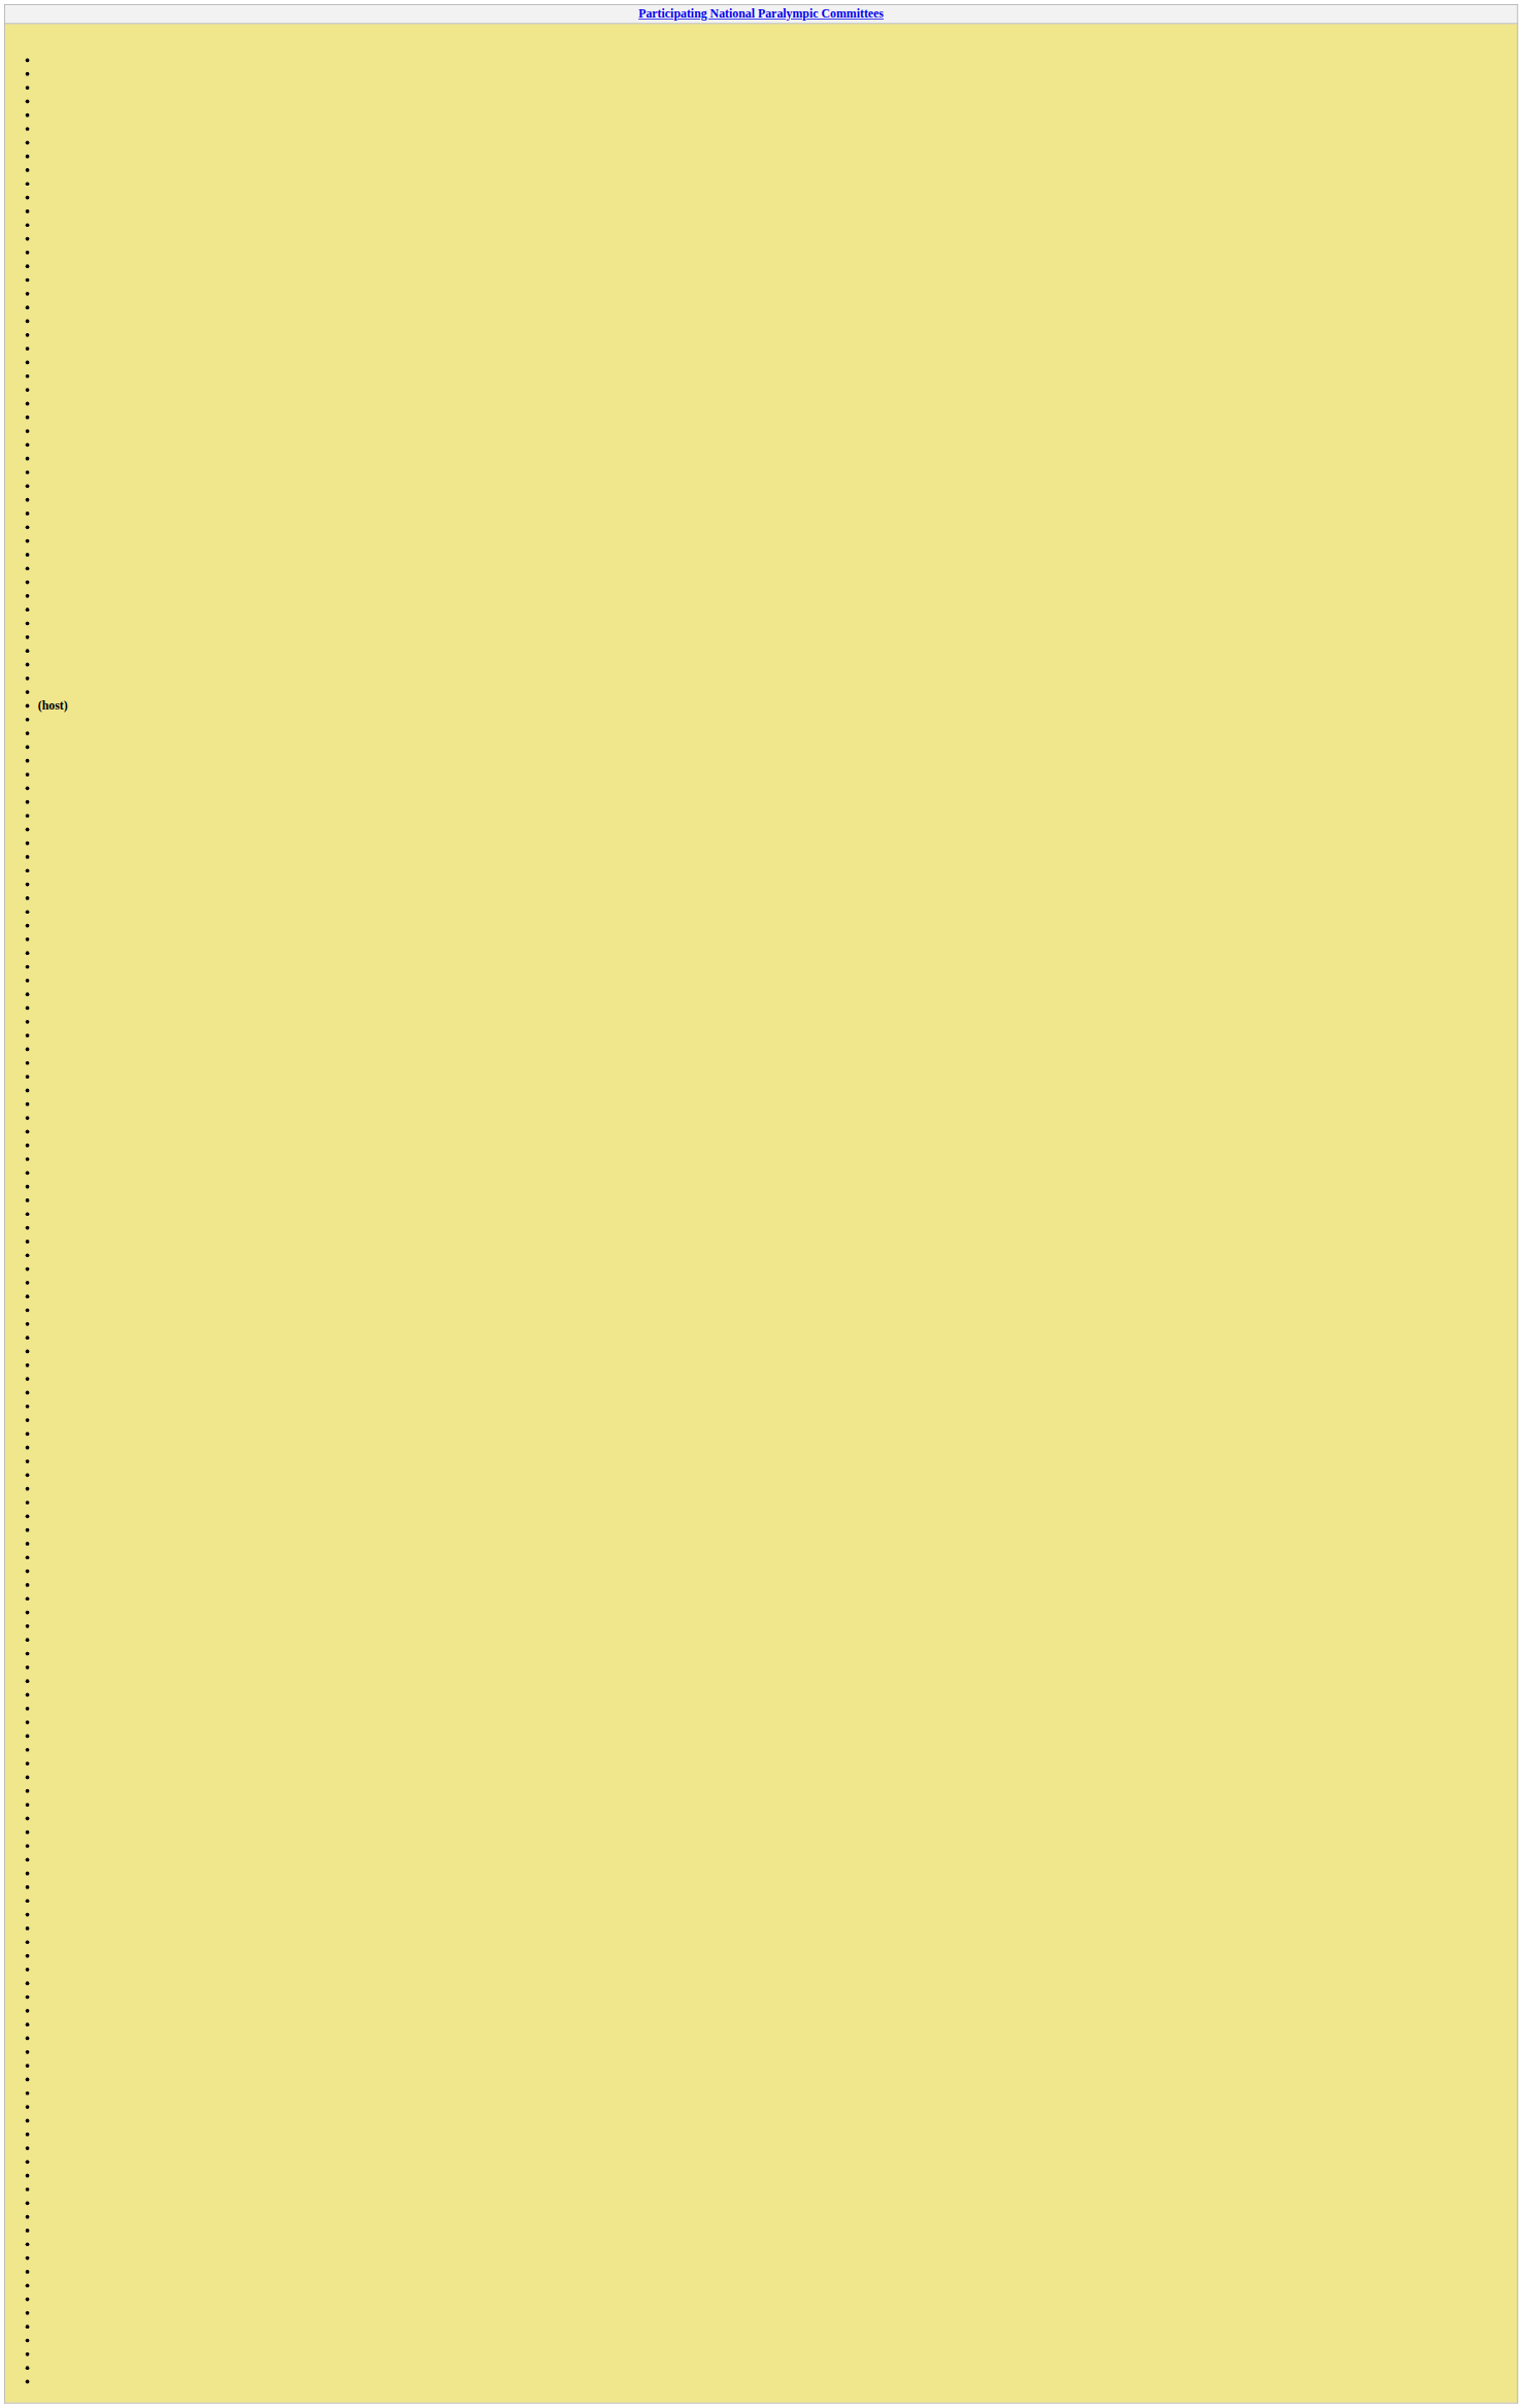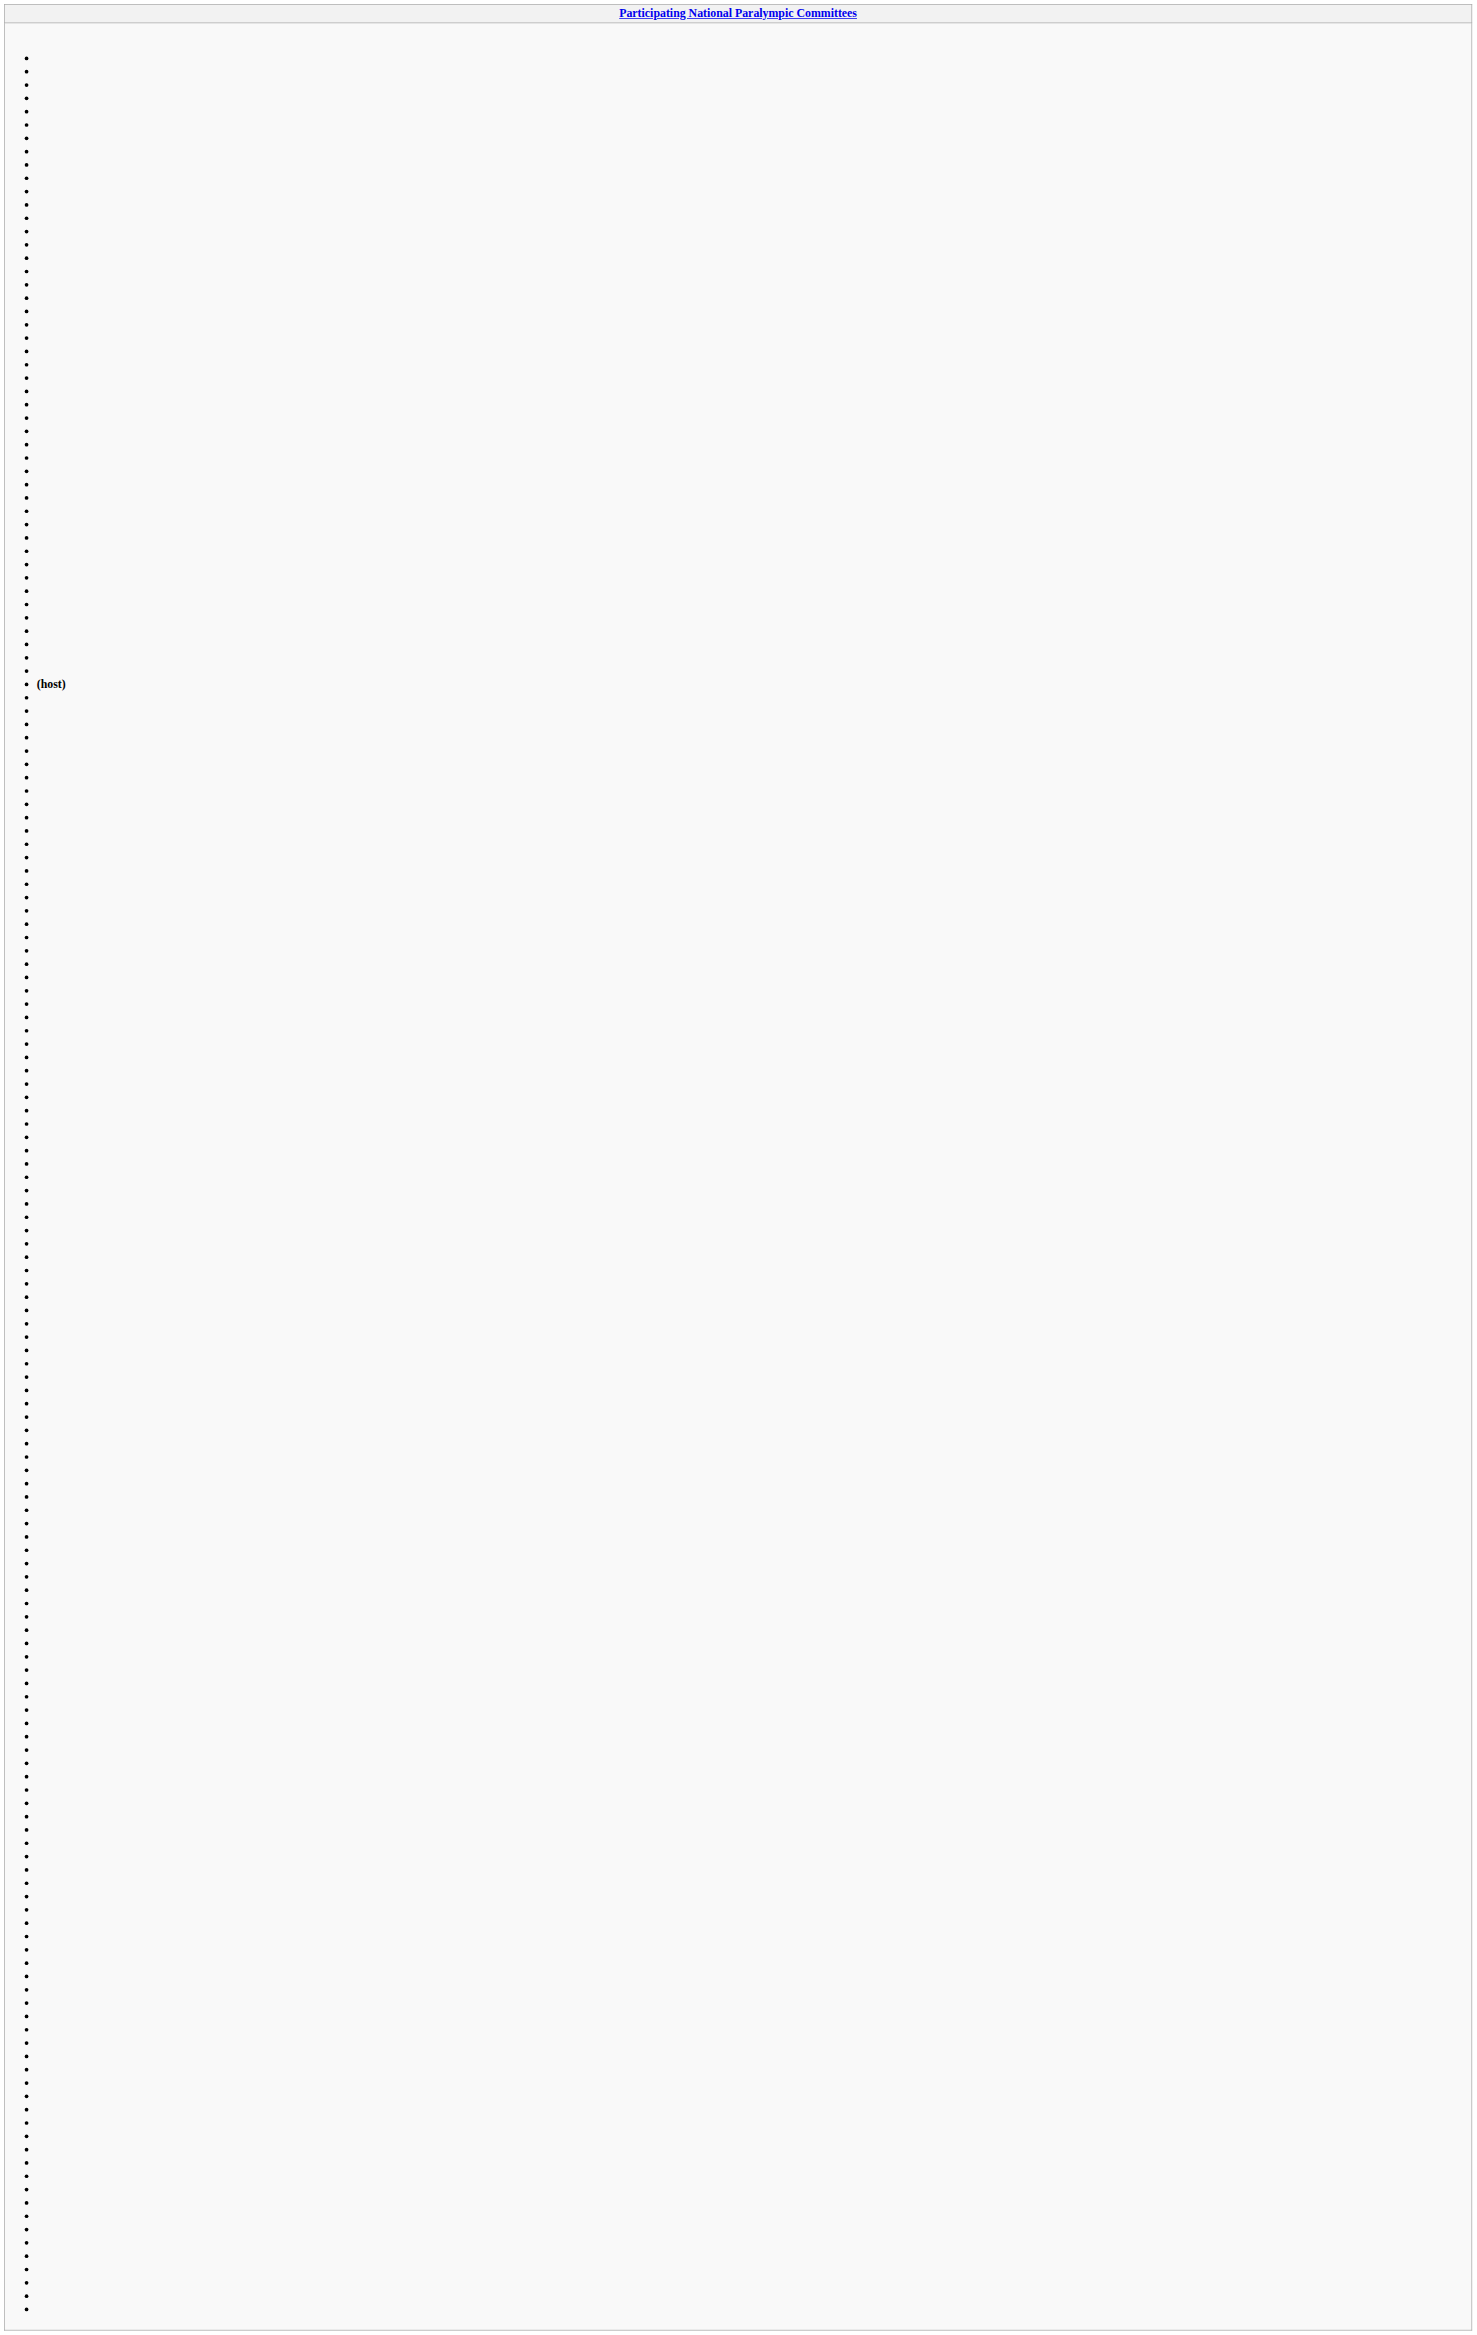 <table class="wikitable mw-collapsible" style="width:100%;">
 <tr>
 <th><a href='#'>Participating National Paralympic Committees</a></th>
 </tr>
 <tr>
-<td style="background: khaki;"><div><br><ul><li></li><li></li><li></li><li></li><li></li><li></li><li></li><li></li><li></li><li></li><li></li><li></li><li></li><li></li><li></li><li></li><li></li><li></li><li></li><li></li><li></li><li></li><li></li><li></li><li></li><li></li><li></li><li></li><li></li><li></li><li></li><li></li><li></li><li></li><li></li><li></li><li></li><li></li><li></li><li></li><li></li><li></li><li></li><li></li><li></li><li></li><li></li><li> <strong>(host)</strong></li><li></li><li></li><li></li><li></li><li></li><li></li><li></li><li></li><li></li><li></li><li></li><li></li><li></li><li></li><li></li><li></li><li></li><li></li><li></li><li></li><li></li><li></li><li></li><li></li><li></li><li></li><li></li><li></li><li></li><li></li><li></li><li></li><li></li><li></li><li></li><li></li><li></li><li></li><li></li><li></li><li></li><li></li><li></li><li></li><li></li><li></li><li></li><li></li><li></li><li></li><li></li><li></li><li></li><li></li><li></li><li></li><li></li><li></li><li></li><li></li><li></li><li></li><li></li><li></li><li></li><li></li><li></li><li></li><li></li><li></li><li></li><li></li><li></li><li></li><li></li><li></li><li></li><li></li><li></li><li></li><li></li><li></li><li></li><li></li><li></li><li></li><li></li><li></li><li></li><li></li><li></li><li></li><li></li><li></li><li></li><li></li><li></li><li></li><li></li><li></li><li></li><li></li><li></li><li></li><li></li><li></li><li></li><li></li><li></li><li></li><li></li><li></li><li></li><li></li><li></li><li></li><li></li><li></li><li></li><li></li><li></li><li></li></ul></div></td>
+<td><div><br><ul><li></li><li></li><li></li><li></li><li></li><li></li><li></li><li></li><li></li><li></li><li></li><li></li><li></li><li></li><li></li><li></li><li></li><li></li><li></li><li></li><li></li><li></li><li></li><li></li><li></li><li></li><li></li><li></li><li></li><li></li><li></li><li></li><li></li><li></li><li></li><li></li><li></li><li></li><li></li><li></li><li></li><li></li><li></li><li></li><li></li><li></li><li></li><li> <strong>(host)</strong></li><li></li><li></li><li></li><li></li><li></li><li></li><li></li><li></li><li></li><li></li><li></li><li></li><li></li><li></li><li></li><li></li><li></li><li></li><li></li><li></li><li></li><li></li><li></li><li></li><li></li><li></li><li></li><li></li><li></li><li></li><li></li><li></li><li></li><li></li><li></li><li></li><li></li><li></li><li></li><li></li><li></li><li></li><li></li><li></li><li></li><li></li><li></li><li></li><li></li><li></li><li></li><li></li><li></li><li></li><li></li><li></li><li></li><li></li><li></li><li></li><li></li><li></li><li></li><li></li><li></li><li></li><li></li><li></li><li></li><li></li><li></li><li></li><li></li><li></li><li></li><li></li><li></li><li></li><li></li><li></li><li></li><li></li><li></li><li></li><li></li><li></li><li></li><li></li><li></li><li></li><li></li><li></li><li></li><li></li><li></li><li></li><li></li><li></li><li></li><li></li><li></li><li></li><li></li><li></li><li></li><li></li><li></li><li></li><li></li><li></li><li></li><li></li><li></li><li></li><li></li><li></li><li></li><li></li><li></li><li></li><li></li><li></li></ul></div></td>
 </tr>
 </table>
